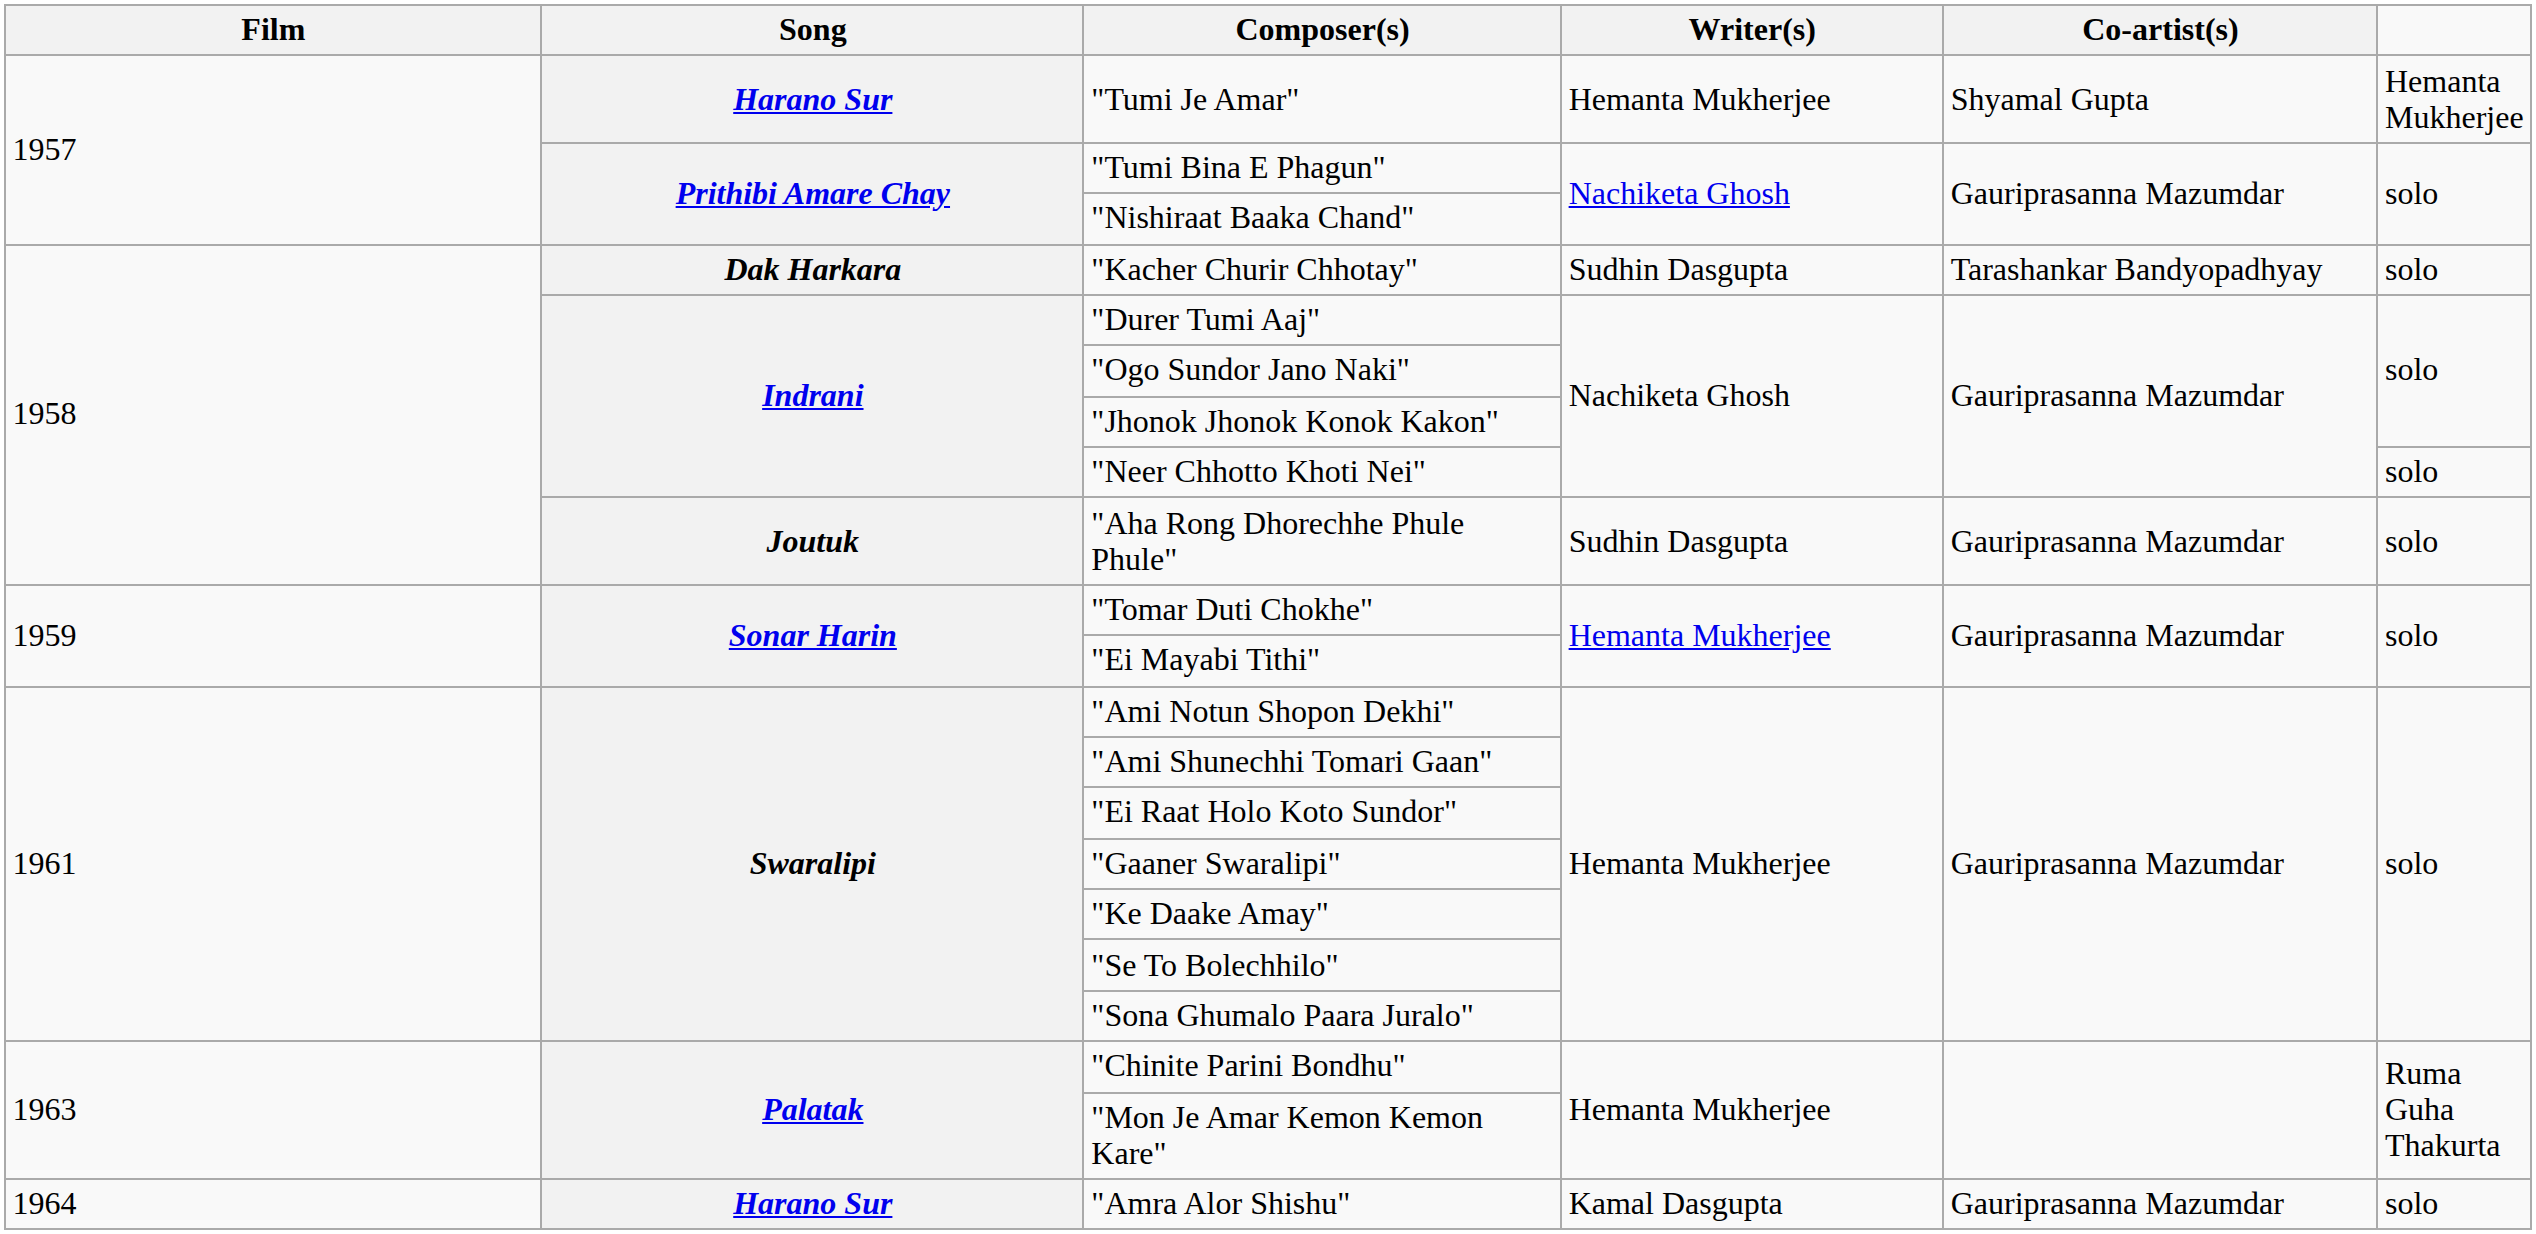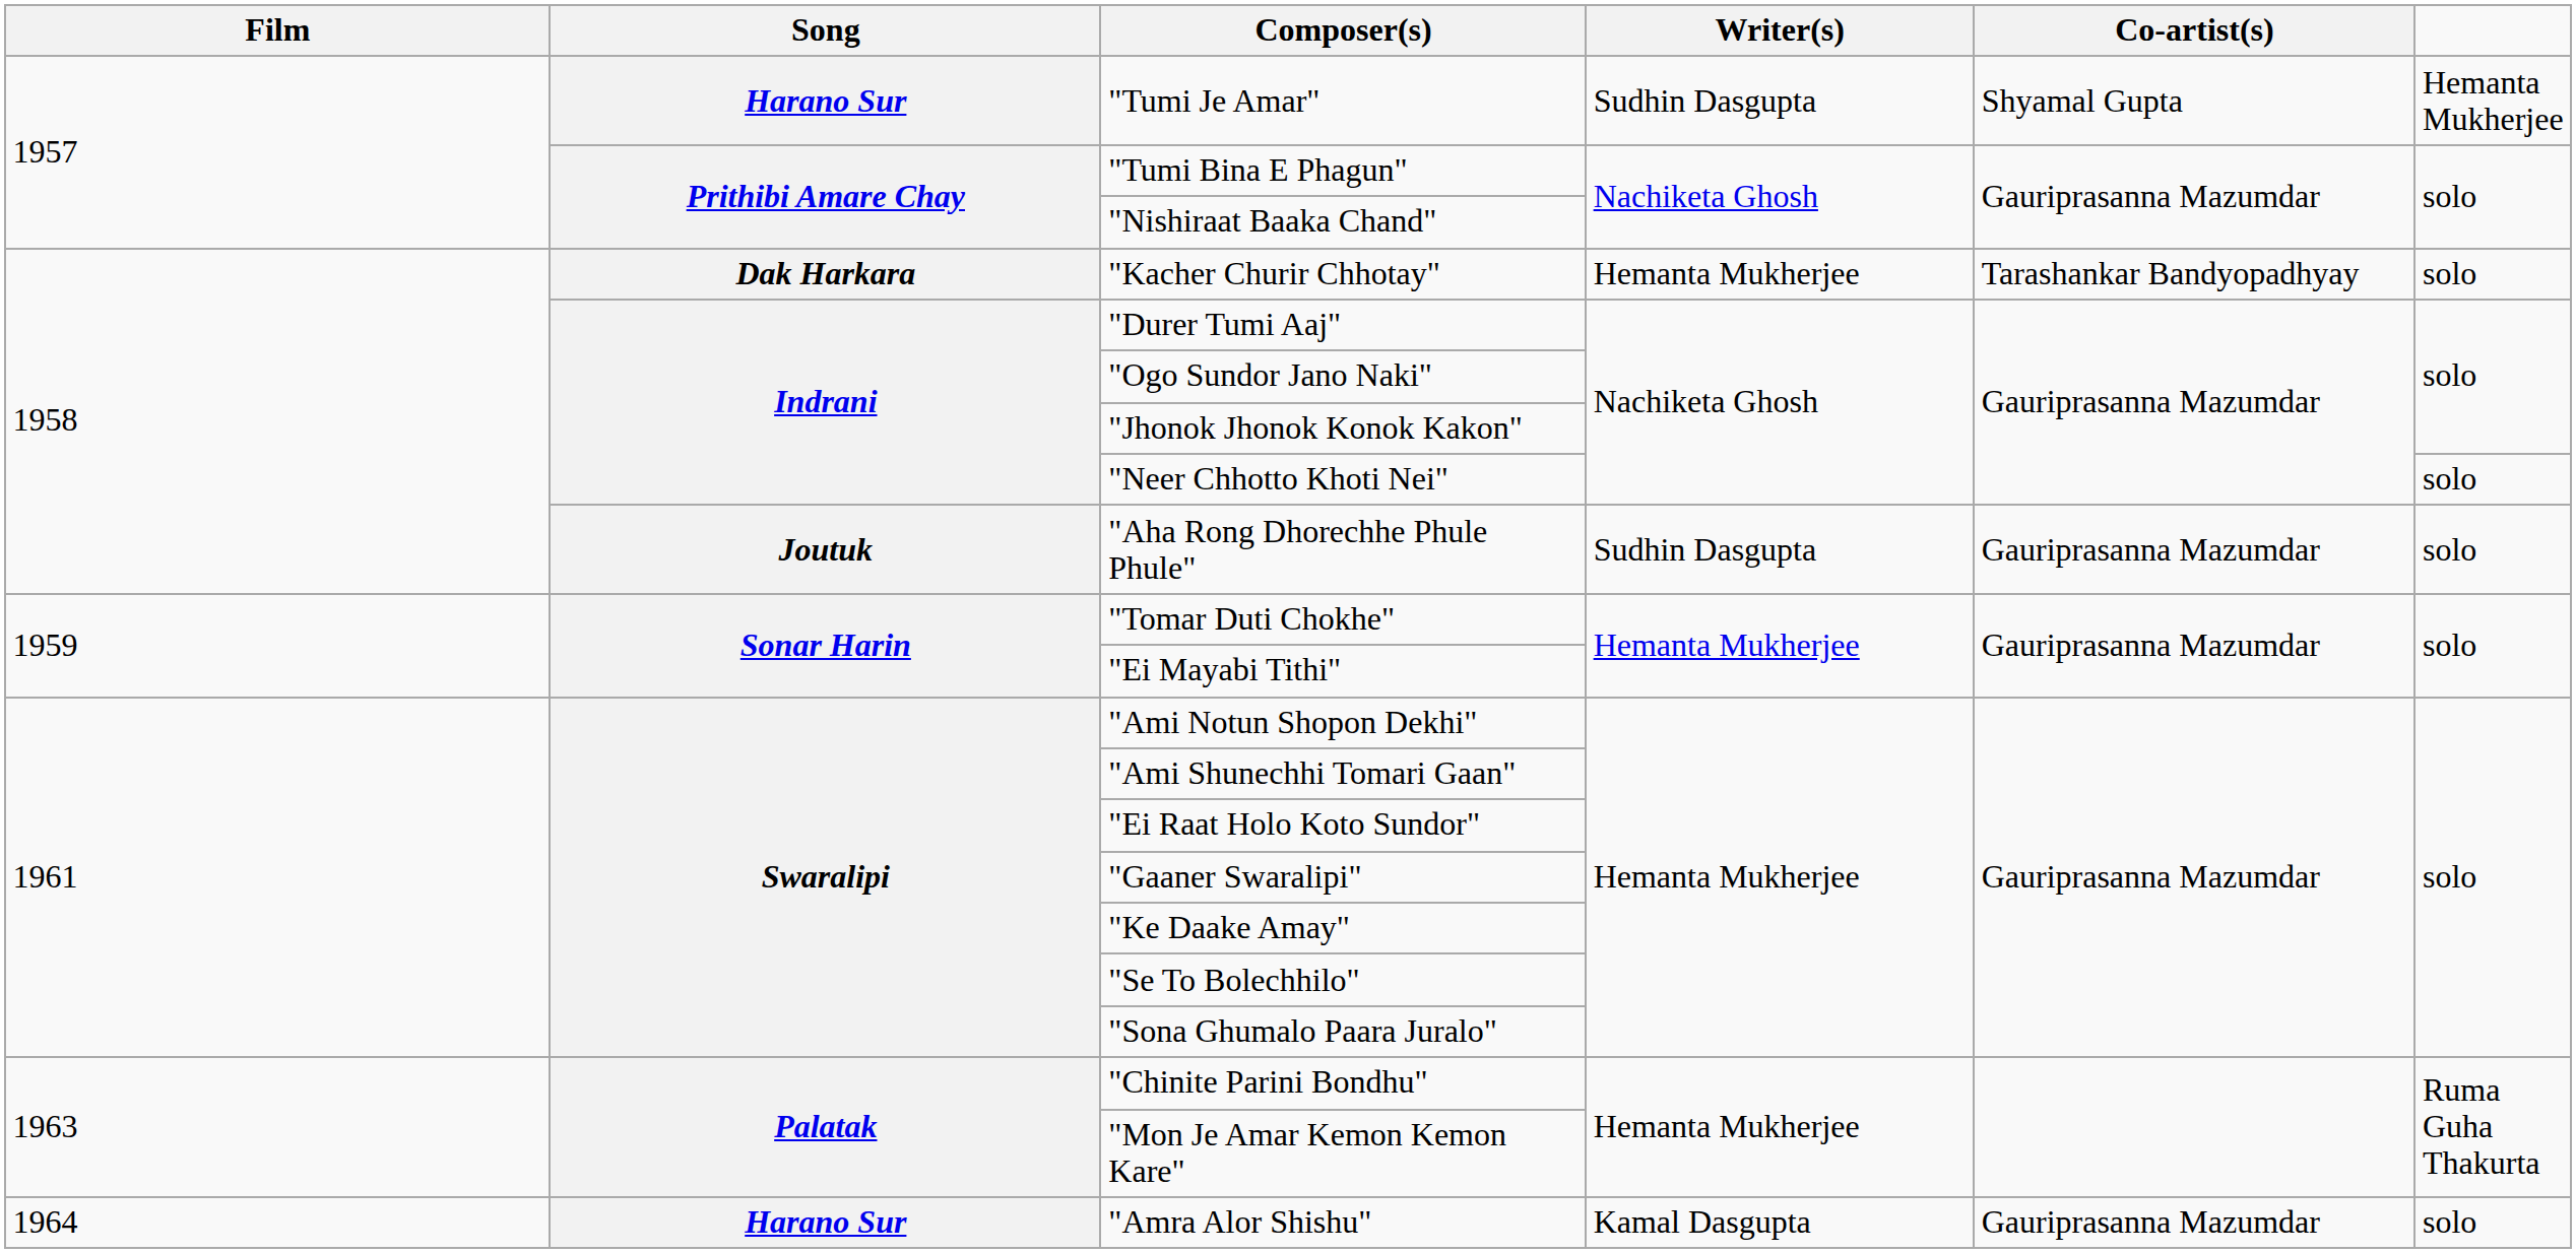 <table class="wikitable plainrowheaders" width="100%" textcolor:#000;">
 <tr style="background:#b0e0e66;">
 <th scope="col" width=23%><strong>Film</strong></th>
 <th scope="col" width=23%><strong>Song</strong></th>
 <th scope="col" width=20%><strong>Composer(s)</strong></th>
 <th scope="col" width=16%><strong>Writer(s)</strong></th>
 <th scope="col" width=18%><strong>Co-artist(s)</strong></th>
 </tr>
 <tr>
 <td rowspan=3>1957</td>
 <th><em><a href='#'>Harano Sur</a></em></th>
 <td>"Tumi Je Amar"</td>
-<td>Hemanta Mukherjee</td>
+<td>Sudhin Dasgupta</td>
 <td>Shyamal Gupta</td>
 <td>Hemanta Mukherjee</td>
 </tr>
 <tr>
 <th rowspan=2><em><a href='#'>Prithibi Amare Chay</a></em></th>
 <td>"Tumi Bina E Phagun"</td>
 <td rowspan=2><a href='#'>Nachiketa Ghosh</a></td>
 <td rowspan=2>Gauriprasanna Mazumdar</td>
 <td rowspan=2>solo</td>
 </tr>
 <tr>
 <td>"Nishiraat Baaka Chand"</td>
 </tr>
 <tr>
 <td rowspan=6>1958</td>
 <th><em>Dak Harkara</em></th>
 <td>"Kacher Churir Chhotay"</td>
-<td>Sudhin Dasgupta</td>
+<td>Hemanta Mukherjee</td>
 <td>Tarashankar Bandyopadhyay</td>
 <td>solo</td>
 </tr>
 <tr>
 <th Rowspan=4><em><a href='#'>Indrani</a></em></th>
 <td>"Durer Tumi Aaj"</td>
 <td rowspan=4>Nachiketa Ghosh</td>
 <td rowspan=4>Gauriprasanna Mazumdar</td>
 <td rowspan=3>solo</td>
 </tr>
 <tr>
 <td>"Ogo Sundor Jano Naki"</td>
 </tr>
 <tr>
 <td>"Jhonok Jhonok Konok Kakon"</td>
 </tr>
 <tr>
 <td>"Neer Chhotto Khoti Nei"</td>
 <td>solo</td>
 </tr>
 <tr>
 <th Rowspan=><em>Joutuk</em></th>
 <td>"Aha Rong Dhorechhe Phule Phule"</td>
 <td>Sudhin Dasgupta</td>
 <td rowspan=>Gauriprasanna Mazumdar</td>
 <td rowspan=>solo</td>
 </tr>
 <tr>
 <td rowspan=2>1959</td>
 <th rowspan=2><em><a href='#'>Sonar Harin</a></em></th>
 <td>"Tomar Duti Chokhe"</td>
 <td rowspan=2><a href='#'>Hemanta Mukherjee</a></td>
 <td rowspan=2>Gauriprasanna Mazumdar</td>
 <td rowspan=2>solo</td>
 </tr>
 <tr>
 <td>"Ei Mayabi Tithi"</td>
 </tr>
 <tr>
 <td rowspan=7>1961</td>
 <th Rowspan=7><em>Swaralipi</em></th>
 <td>"Ami Notun Shopon Dekhi"</td>
 <td rowspan=7>Hemanta Mukherjee</td>
 <td rowspan=7>Gauriprasanna Mazumdar</td>
 <td rowspan=7>solo</td>
 </tr>
 <tr>
 <td>"Ami Shunechhi Tomari Gaan"</td>
 </tr>
 <tr>
 <td>"Ei Raat Holo Koto Sundor"</td>
 </tr>
 <tr>
 <td>"Gaaner Swaralipi"</td>
 </tr>
 <tr>
 <td>"Ke Daake Amay"</td>
 </tr>
 <tr>
 <td>"Se To Bolechhilo"</td>
 </tr>
 <tr>
 <td>"Sona Ghumalo Paara Juralo"</td>
 </tr>
 <tr>
 <td rowspan=2>1963</td>
 <th rowspan=2><em><a href='#'>Palatak</a></em></th>
 <td>"Chinite Parini Bondhu"</td>
 <td rowspan=2>Hemanta Mukherjee</td>
 <td Rowspan=2></td>
 <td rowspan=2>Ruma Guha Thakurta</td>
 </tr>
 <tr>
 <td>"Mon Je Amar Kemon Kemon Kare"</td>
 </tr>
 <tr>
 <td>1964</td>
 <th><em><a href='#'>Harano Sur</a></em></th>
 <td>"Amra Alor Shishu"</td>
 <td>Kamal Dasgupta</td>
 <td>Gauriprasanna Mazumdar</td>
 <td>solo</td>
 </tr>
 <tr>
 </tr>
 </table>
